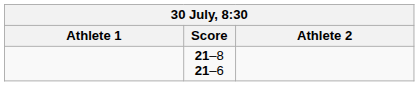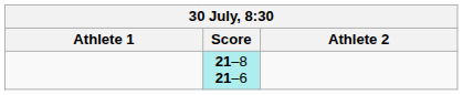 <table class="wikitable" style="text-align: center; font-size:90% ">
 <tr>
 <th colspan=3>30 July, 8:30</th>
 </tr>
 <tr>
 <th align="right" width="190">Athlete 1</th>
 <th width="50">Score</th>
 <th align="left" width="190">Athlete 2</th>
 </tr>
 <tr>
 <td align=right><strong></strong></td>
-<td align=center><strong>21</strong>–8<br><strong>21</strong>–6</td>
+<td align=center style="background: paleturquoise;"><strong>21</strong>–8<br><strong>21</strong>–6</td>
 <td align=left></td>
 </tr>
 </table>
